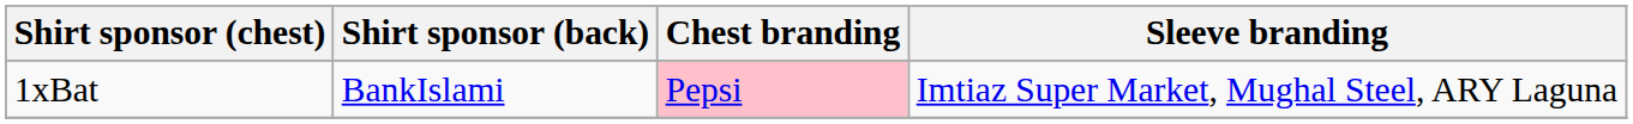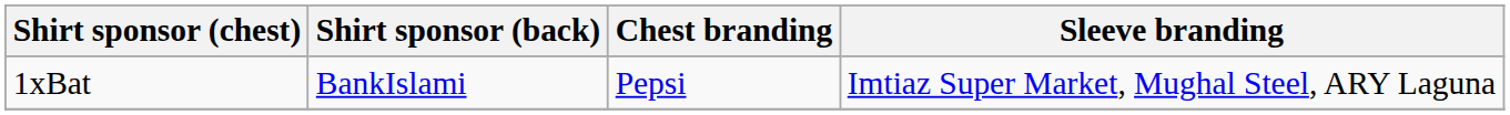 <table class="wikitable">
 <tr>
 <th>Shirt sponsor (chest)</th>
 <th>Shirt sponsor (back)</th>
 <th>Chest branding</th>
 <th>Sleeve branding</th>
 </tr>
 <tr>
 <td>1xBat</td>
 <td><a href='#'>BankIslami</a></td>
-<td style="background: pink;"><a href='#'>Pepsi</a></td>
+<td><a href='#'>Pepsi</a></td>
 <td><a href='#'>Imtiaz Super Market</a>, <a href='#'>Mughal Steel</a>, ARY Laguna</td>
 </tr>
 <tr>
 </tr>
 </table>
